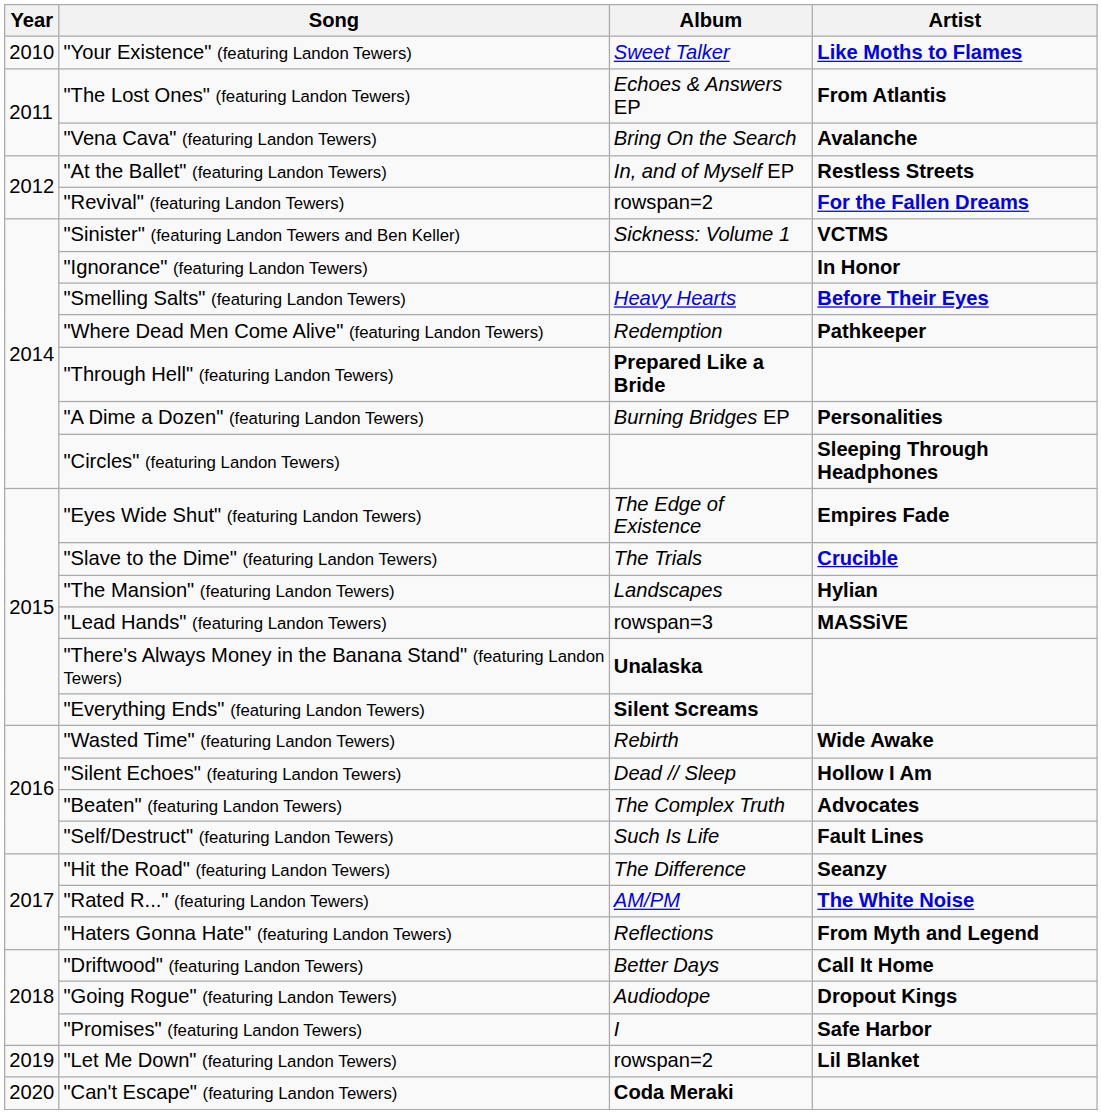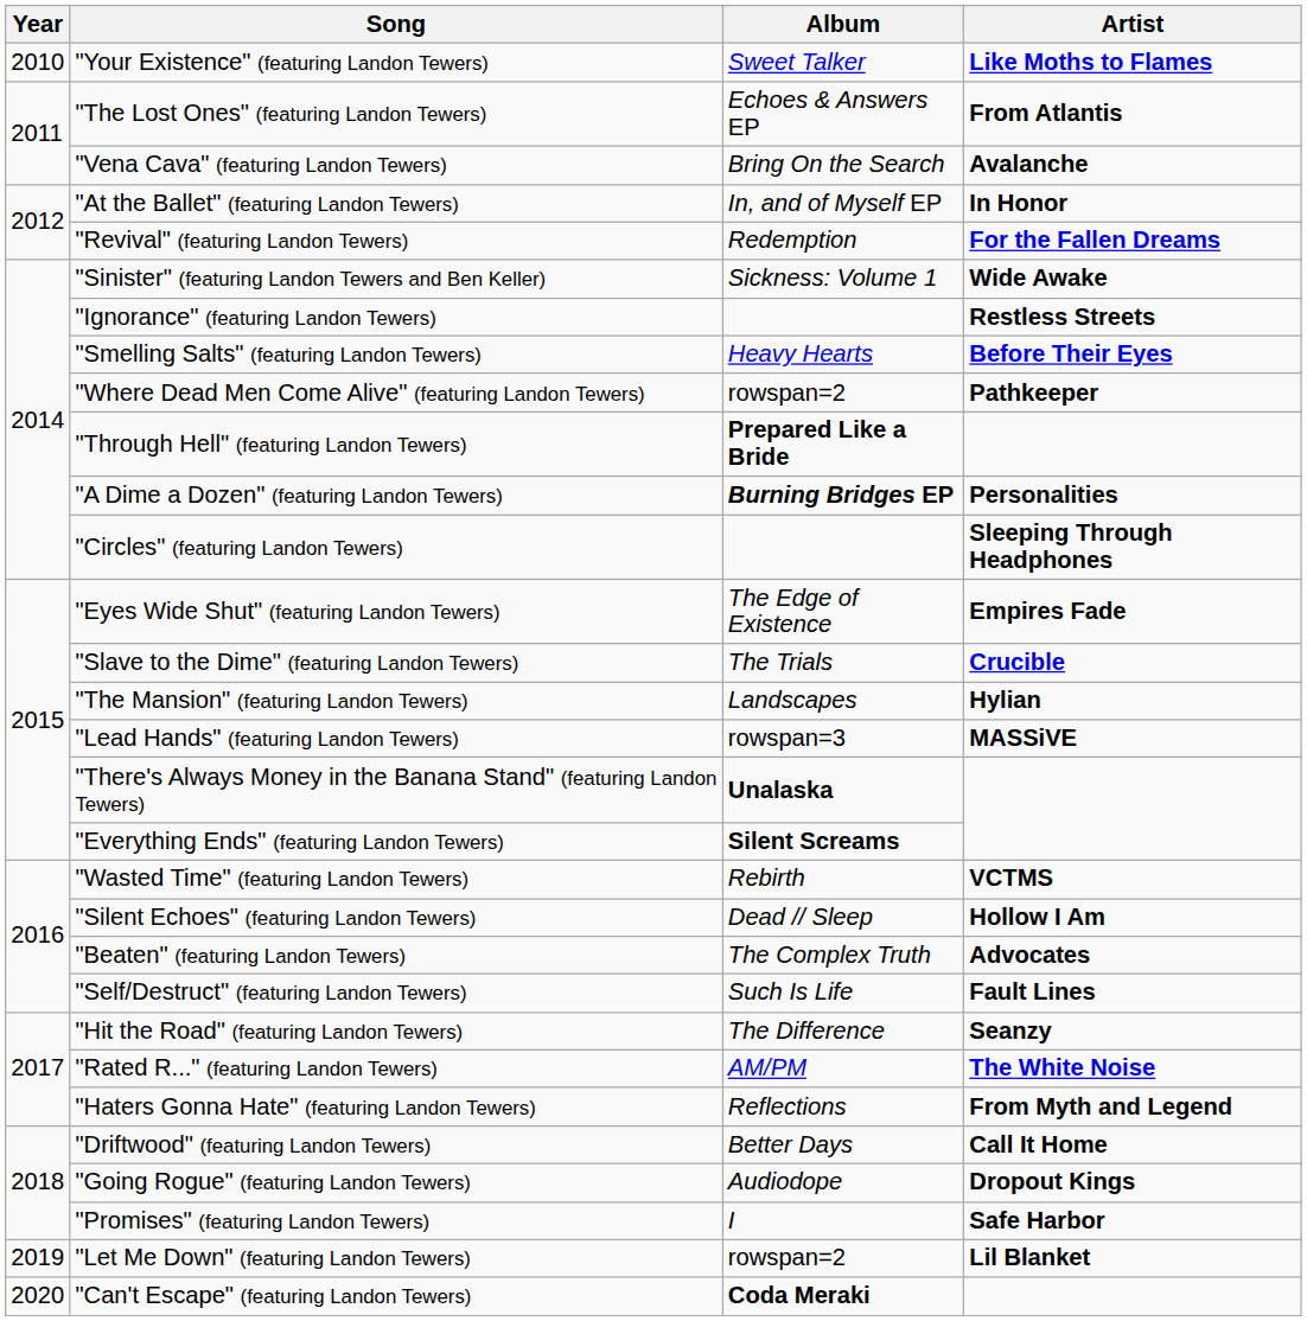 <table class="wikitable">
 <tr>
 <th>Year</th>
 <th>Song</th>
 <th>Album</th>
 <th>Artist</th>
 </tr>
 <tr>
 <td>2010</td>
 <td>"Your Existence" <small>(featuring Landon Tewers)</small></td>
 <td><em><a href='#'>Sweet Talker</a></em></td>
 <td><strong><a href='#'>Like Moths to Flames</a></strong></td>
 </tr>
 <tr>
 <td rowspan=2>2011</td>
 <td>"The Lost Ones" <small>(featuring Landon Tewers)</small></td>
 <td><em>Echoes & Answers</em> EP</td>
 <td><strong>From Atlantis</strong></td>
 </tr>
 <tr>
 <td>"Vena Cava" <small>(featuring Landon Tewers)</small></td>
 <td><em>Bring On the Search</em></td>
 <td><strong>Avalanche</strong></td>
 </tr>
 <tr>
 <td rowspan=2>2012</td>
 <td>"At the Ballet" <small>(featuring Landon Tewers)</small></td>
 <td><em>In, and of Myself</em> EP</td>
-<td><strong>Restless Streets</strong></td>
+<td><strong>In Honor</strong></td>
 </tr>
 <tr>
 <td>"Revival" <small>(featuring Landon Tewers)</small></td>
-<td>rowspan=2 </td>
+<td><em>Redemption</em></td>
 <td><strong><a href='#'>For the Fallen Dreams</a></strong></td>
 </tr>
 <tr>
 <td rowspan=7>2014</td>
 <td>"Sinister" <small>(featuring Landon Tewers and Ben Keller)</small></td>
 <td><em>Sickness: Volume 1</em></td>
-<td><strong>VCTMS</strong></td>
+<td><strong>Wide Awake</strong></td>
 </tr>
 <tr>
 <td>"Ignorance" <small>(featuring Landon Tewers)</small></td>
 <td></td>
-<td><strong>In Honor</strong></td>
+<td><strong>Restless Streets</strong></td>
 </tr>
 <tr>
 <td>"Smelling Salts" <small>(featuring Landon Tewers)</small></td>
 <td><em><a href='#'>Heavy Hearts</a></em></td>
 <td><strong><a href='#'>Before Their Eyes</a></strong></td>
 </tr>
 <tr>
 <td>"Where Dead Men Come Alive" <small>(featuring Landon Tewers)</small></td>
-<td><em>Redemption</em></td>
+<td>rowspan=2 </td>
 <td><strong>Pathkeeper</strong></td>
 </tr>
 <tr>
 <td>"Through Hell" <small>(featuring Landon Tewers)</small></td>
 <td><strong>Prepared Like a Bride</strong></td>
 </tr>
 <tr>
 <td>"A Dime a Dozen" <small>(featuring Landon Tewers)</small></td>
-<td><em>Burning Bridges</em> EP</td>
+<td><strong><em>Burning Bridges</em> EP</strong></td>
 <td><strong>Personalities</strong></td>
 </tr>
 <tr>
 <td>"Circles" <small>(featuring Landon Tewers)</small></td>
 <td></td>
 <td><strong>Sleeping Through Headphones</strong></td>
 </tr>
 <tr>
 <td rowspan=6>2015</td>
 <td>"Eyes Wide Shut" <small>(featuring Landon Tewers)</small></td>
 <td><em>The Edge of Existence</em></td>
 <td><strong>Empires Fade</strong></td>
 </tr>
 <tr>
 <td>"Slave to the Dime" <small>(featuring Landon Tewers)</small></td>
 <td><em>The Trials</em></td>
 <td><strong><a href='#'>Crucible</a></strong></td>
 </tr>
 <tr>
 <td>"The Mansion" <small>(featuring Landon Tewers)</small></td>
 <td><em>Landscapes</em></td>
 <td><strong>Hylian</strong></td>
 </tr>
 <tr>
 <td>"Lead Hands" <small>(featuring Landon Tewers)</small></td>
 <td>rowspan=3 </td>
 <td><strong>MASSiVE</strong></td>
 </tr>
 <tr>
 <td>"There's Always Money in the Banana Stand" <small>(featuring Landon Tewers)</small></td>
 <td><strong>Unalaska</strong></td>
 </tr>
 <tr>
 <td>"Everything Ends" <small>(featuring Landon Tewers)</small></td>
 <td><strong>Silent Screams</strong></td>
 </tr>
 <tr>
 <td rowspan=4>2016</td>
 <td>"Wasted Time" <small>(featuring Landon Tewers)</small></td>
 <td><em>Rebirth</em></td>
-<td><strong>Wide Awake</strong></td>
+<td><strong>VCTMS</strong></td>
 </tr>
 <tr>
 <td>"Silent Echoes" <small>(featuring Landon Tewers)</small></td>
 <td><em>Dead // Sleep</em></td>
 <td><strong>Hollow I Am</strong></td>
 </tr>
 <tr>
 <td>"Beaten" <small>(featuring Landon Tewers)</small></td>
 <td><em>The Complex Truth</em></td>
 <td><strong>Advocates</strong></td>
 </tr>
 <tr>
 <td>"Self/Destruct" <small>(featuring Landon Tewers)</small></td>
 <td><em>Such Is Life</em></td>
 <td><strong>Fault Lines</strong></td>
 </tr>
 <tr>
 <td rowspan=3>2017</td>
 <td>"Hit the Road" <small>(featuring Landon Tewers)</small></td>
 <td><em>The Difference</em></td>
 <td><strong>Seanzy</strong></td>
 </tr>
 <tr>
 <td>"Rated R..." <small>(featuring Landon Tewers)</small></td>
 <td><em><a href='#'>AM/PM</a></em></td>
 <td><strong><a href='#'>The White Noise</a></strong></td>
 </tr>
 <tr>
 <td>"Haters Gonna Hate" <small>(featuring Landon Tewers)</small></td>
 <td><em>Reflections</em></td>
 <td><strong>From Myth and Legend</strong></td>
 </tr>
 <tr>
 <td rowspan=3>2018</td>
 <td>"Driftwood" <small>(featuring Landon Tewers)</small></td>
 <td><em>Better Days</em></td>
 <td><strong>Call It Home</strong></td>
 </tr>
 <tr>
 <td>"Going Rogue" <small>(featuring Landon Tewers)</small></td>
 <td><em>Audiodope</em></td>
 <td><strong>Dropout Kings</strong></td>
 </tr>
 <tr>
 <td>"Promises" <small>(featuring Landon Tewers)</small></td>
 <td><em>I</em></td>
 <td><strong>Safe Harbor</strong></td>
 </tr>
 <tr>
 <td>2019</td>
 <td>"Let Me Down" <small>(featuring Landon Tewers)</small></td>
 <td>rowspan=2 </td>
 <td><strong>Lil Blanket</strong></td>
 </tr>
 <tr>
 <td>2020</td>
 <td>"Can't Escape" <small>(featuring Landon Tewers)</small></td>
 <td><strong>Coda Meraki</strong></td>
 </tr>
 </table>
